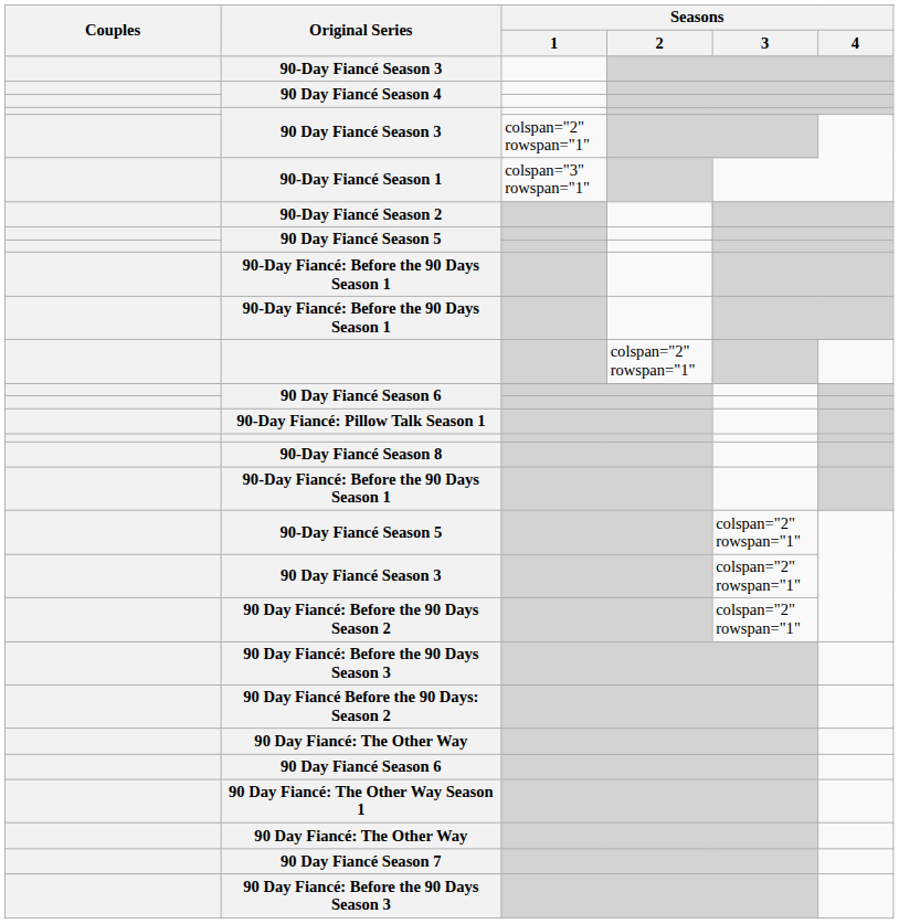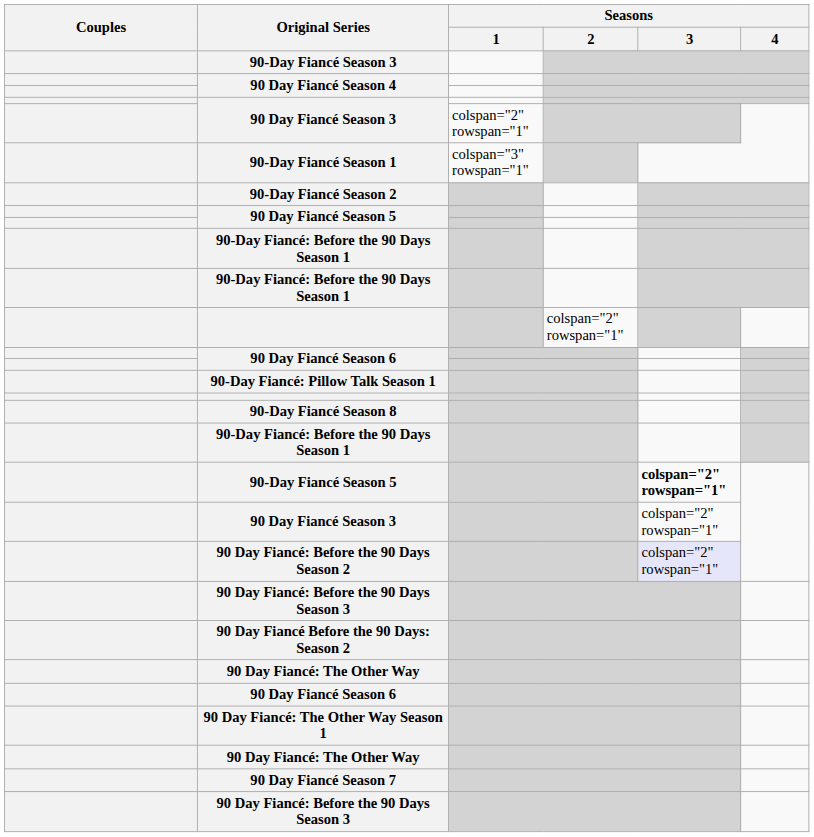 <table class="wikitable plainrowheaders" width="70%">
 <tr>
 <th scope="col" rowspan="2" style="width:20%;">Couples</th>
 <th scope="col" rowspan="2" style="width:26%;">Original Series</th>
 <th scope="col" colspan="4">Seasons</th>
 </tr>
 <tr>
 <th scope="col" style="width:7%;">1</th>
 <th scope="col" style="width:7%;">2</th>
 <th scope="col" style="width:7%;">3</th>
 <th scope="col" style="width:7%;">4</th>
 </tr>
 <tr>
 <th scope="row"></th>
 <th>90-Day Fiancé Season 3</th>
 <td></td>
 <td colspan="3" style="background: #D3D3D3"></td>
 </tr>
 <tr>
 <th scope="row"></th>
 <th colspan="1" rowspan="2">90 Day Fiancé Season 4</th>
 <td></td>
 <td colspan="3" style="background: #D3D3D3"></td>
 </tr>
 <tr>
 <th scope="row"></th>
 <td></td>
 <td colspan="3" style="background: #D3D3D3"></td>
 </tr>
 <tr>
 <th scope="row"></th>
 <th colspan="1" rowspan="2">90 Day Fiancé Season 3</th>
 <td></td>
 <td colspan="3" style="background: #D3D3D3"></td>
 </tr>
 <tr>
 <th scope="row"></th>
 <td>colspan="2" rowspan="1" </td>
 <td colspan="2" style="background: #D3D3D3"></td>
 </tr>
 <tr>
 <th scope="row"></th>
 <th>90-Day Fiancé Season 1</th>
 <td>colspan="3" rowspan="1" </td>
 <td colspan="1" style="background: #D3D3D3"></td>
 </tr>
 <tr>
 <th scope="row"></th>
 <th>90-Day Fiancé Season 2</th>
 <td colspan="1" style="background: #D3D3D3"></td>
 <td></td>
 <td colspan="2" style="background: #D3D3D3"></td>
 </tr>
 <tr>
 <th scope="row"></th>
 <th colspan="1" rowspan="2">90 Day Fiancé Season 5</th>
 <td colspan="1" style="background: #D3D3D3"></td>
 <td></td>
 <td colspan="2" style="background: #D3D3D3"></td>
 </tr>
 <tr>
 <th scope="row"></th>
 <td colspan="1" style="background: #D3D3D3"></td>
 <td></td>
 <td colspan="2" style="background: #D3D3D3"></td>
 </tr>
 <tr>
 <th scope="row"></th>
 <th>90-Day Fiancé: Before the 90 Days Season 1</th>
 <td colspan="1" style="background: #D3D3D3"></td>
 <td></td>
 <td colspan="2" style="background: #D3D3D3"></td>
 </tr>
 <tr>
 <th scope="row"></th>
 <th>90-Day Fiancé: Before the 90 Days Season 1</th>
 <td colspan="1" style="background: #D3D3D3"></td>
 <td></td>
 <td colspan="2" style="background: #D3D3D3"></td>
 </tr>
 <tr>
 <th scope="row"></th>
 <th></th>
 <td colspan="1" style="background: #D3D3D3"></td>
 <td>colspan="2" rowspan="1" </td>
 <td colspan="1" style="background: #D3D3D3"></td>
 </tr>
 <tr>
 <th scope="row"></th>
 <th colspan="1" rowspan="2">90 Day Fiancé Season 6</th>
 <td colspan="2" style="background: #D3D3D3"></td>
 <td></td>
 <td colspan="1" style="background: #D3D3D3"></td>
 </tr>
 <tr>
 <th scope="row"></th>
 <td colspan="2" style="background: #D3D3D3"></td>
 <td></td>
 <td colspan="1" style="background: #D3D3D3"></td>
 </tr>
 <tr>
 <th scope="row"></th>
 <th>90-Day Fiancé: Pillow Talk Season 1</th>
 <td colspan="2" style="background: #D3D3D3"></td>
 <td></td>
 <td colspan="1" style="background: #D3D3D3"></td>
 </tr>
 <tr>
 <th scope="row"></th>
 <th></th>
 <td colspan="2" style="background: #D3D3D3"></td>
 <td></td>
 <td colspan="1" style="background: #D3D3D3"></td>
 </tr>
 <tr>
 <th scope="row"></th>
 <th>90-Day Fiancé Season 8</th>
 <td colspan="2" style="background: #D3D3D3"></td>
 <td></td>
 <td colspan="1" style="background: #D3D3D3"></td>
 </tr>
 <tr>
 <th scope="row"></th>
 <th>90-Day Fiancé: Before the 90 Days Season 1</th>
 <td colspan="2" style="background: #D3D3D3"></td>
 <td></td>
 <td colspan="1" style="background: #D3D3D3"></td>
 </tr>
 <tr>
 <th scope="row"></th>
 <th>90-Day Fiancé Season 5</th>
 <td colspan="2" style="background: #D3D3D3"></td>
-<td>colspan="2" rowspan="1" </td>
+<td><strong>colspan="2" rowspan="1" </strong></td>
 </tr>
 <tr>
 <th scope="row"></th>
 <th>90 Day Fiancé Season 3</th>
 <td colspan="2" style="background: #D3D3D3"></td>
 <td>colspan="2" rowspan="1" </td>
 </tr>
 <tr>
 <th scope="row"></th>
 <th>90 Day Fiancé: Before the 90 Days Season 2</th>
 <td colspan="2" style="background: #D3D3D3"></td>
-<td>colspan="2" rowspan="1" </td>
+<td style="background: lavender;">colspan="2" rowspan="1" </td>
 </tr>
 <tr>
 <th scope="row"></th>
 <th>90 Day Fiancé: Before the 90 Days Season 3</th>
 <td colspan="3" style="background: #D3D3D3"></td>
 <td></td>
 </tr>
 <tr>
 <th scope="row"></th>
 <th>90 Day Fiancé Before the 90 Days: Season 2</th>
 <td colspan="3" style="background: #D3D3D3"></td>
 <td></td>
 </tr>
 <tr>
 <th scope="row"></th>
 <th>90 Day Fiancé: The Other Way</th>
 <td colspan="3" style="background: #D3D3D3"></td>
 <td></td>
 </tr>
 <tr>
 <th scope="row"></th>
 <th>90 Day Fiancé Season 6</th>
 <td colspan="3" style="background: #D3D3D3"></td>
 <td></td>
 </tr>
 <tr>
 <th scope="row"></th>
 <th>90 Day Fiancé: The Other Way Season 1</th>
 <td colspan="3" style="background: #D3D3D3"></td>
 <td></td>
 </tr>
 <tr>
 <th scope="row"></th>
 <th>90 Day Fiancé: The Other Way</th>
 <td colspan="3" style="background: #D3D3D3"></td>
 <td></td>
 </tr>
 <tr>
 <th scope="row"></th>
 <th>90 Day Fiancé Season 7</th>
 <td colspan="3" style="background: #D3D3D3"></td>
 <td></td>
 </tr>
 <tr>
 <th scope="row"></th>
 <th>90 Day Fiancé: Before the 90 Days Season 3</th>
 <td colspan="3" style="background: #D3D3D3"></td>
 <td></td>
 </tr>
 </table>
